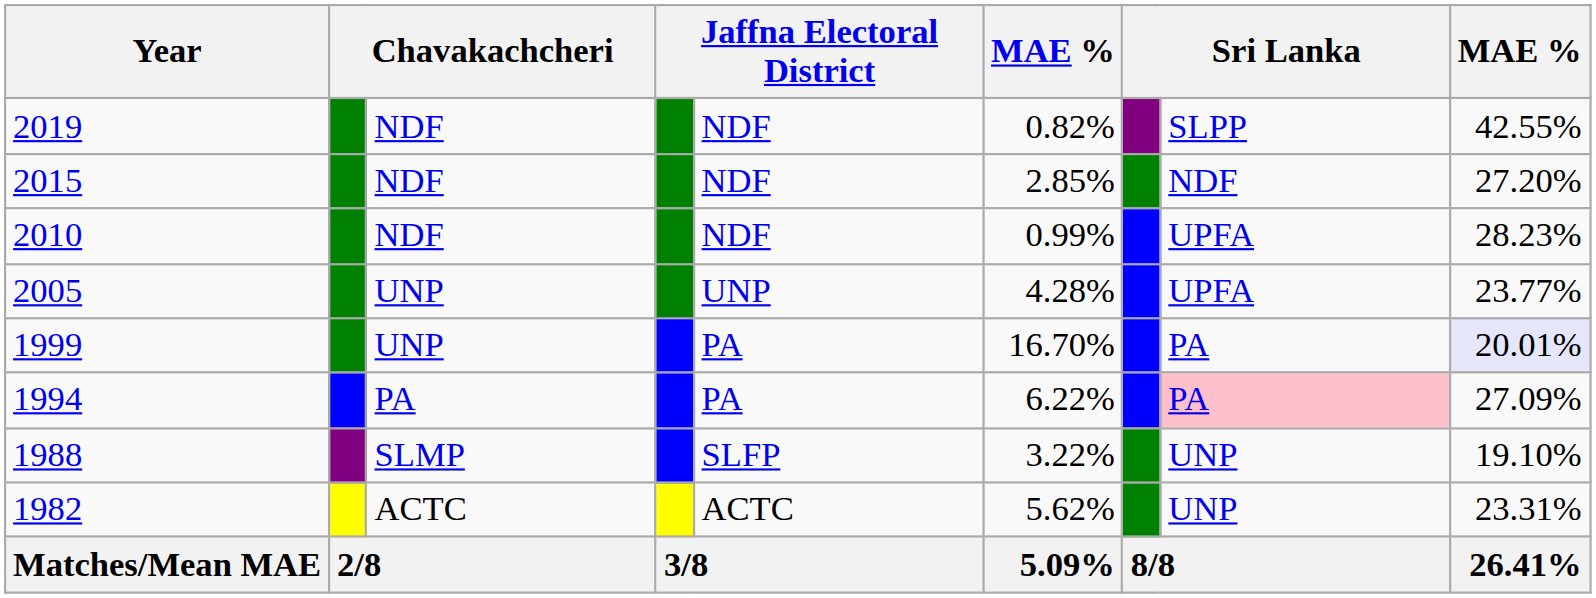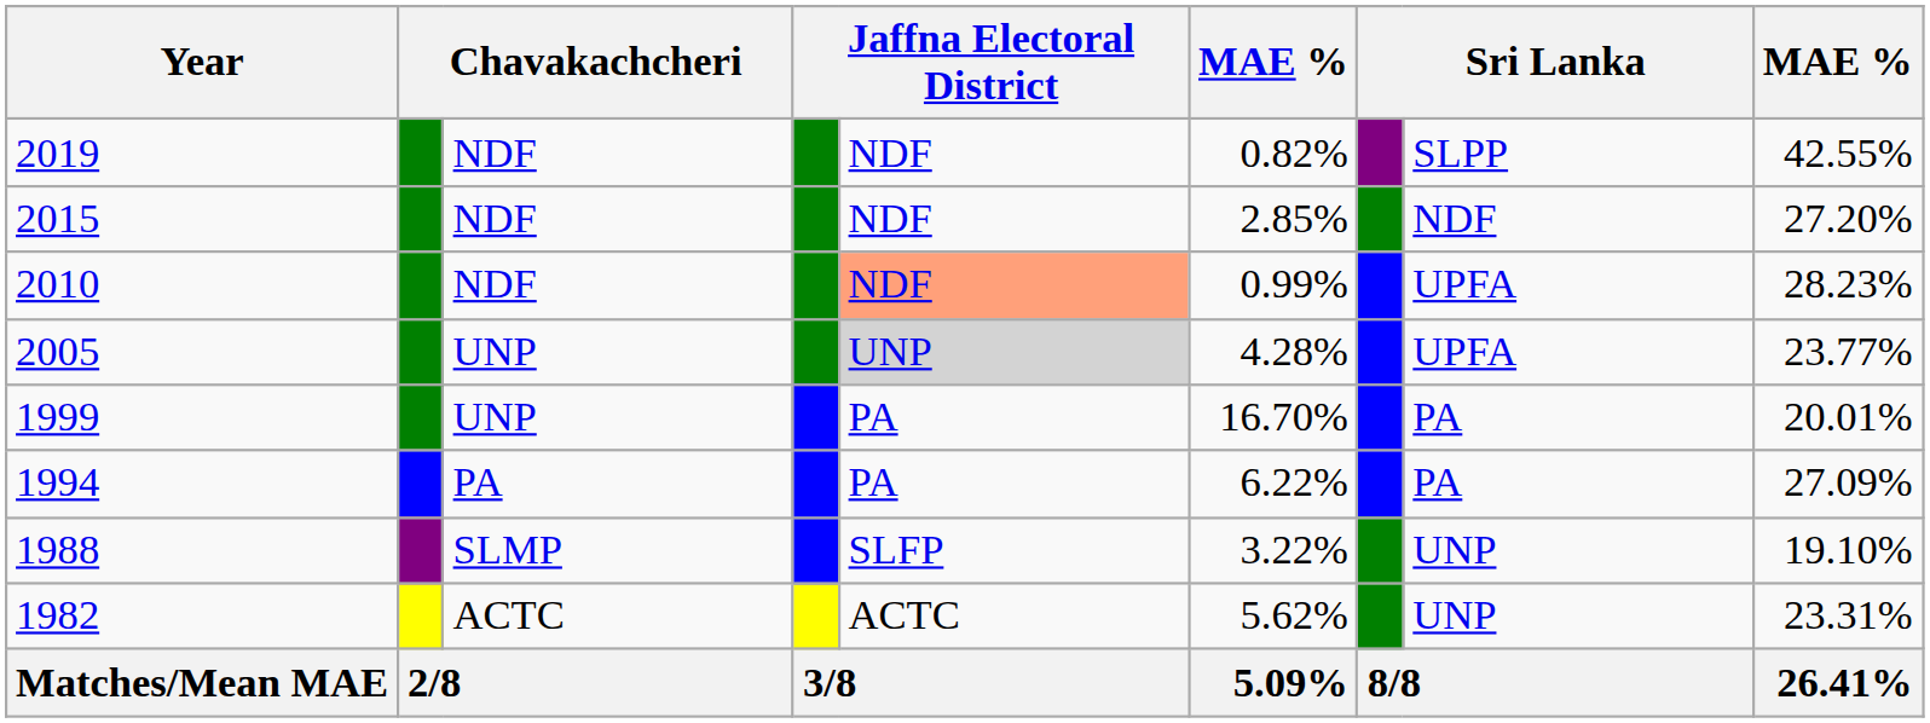 <table class="wikitable">
 <tr>
 <th>Year</th>
 <th colspan="2" width="144px">Chavakachcheri</th>
 <th colspan="2" width="144px"><a href='#'>Jaffna Electoral District</a></th>
 <th><a href='#'>MAE</a> %</th>
 <th colspan="2" width="144px">Sri Lanka</th>
 <th>MAE %</th>
 </tr>
 <tr>
 <td><a href='#'>2019</a></td>
 <td style="background-color:green;" width="10px"></td>
 <td style="text-align:left;"><a href='#'>NDF</a></td>
 <td style="background-color:green;" width="10px"></td>
 <td style="text-align:left;"><a href='#'>NDF</a></td>
 <td style="text-align:right;">0.82%</td>
 <td style="background-color:purple;" width="10px"></td>
 <td style="text-align:left;"><a href='#'>SLPP</a></td>
 <td style="text-align:right;">42.55%</td>
 </tr>
 <tr>
 <td><a href='#'>2015</a></td>
 <td style="background-color:green;" width="10px"></td>
 <td style="text-align:left;"><a href='#'>NDF</a></td>
 <td style="background-color:green;" width="10px"></td>
 <td style="text-align:left;"><a href='#'>NDF</a></td>
 <td style="text-align:right;">2.85%</td>
 <td style="background-color:green;" width="10px"></td>
 <td style="text-align:left;"><a href='#'>NDF</a></td>
 <td style="text-align:right;">27.20%</td>
 </tr>
 <tr>
 <td><a href='#'>2010</a></td>
 <td style="background-color:green;" width="10px"></td>
 <td style="text-align:left;"><a href='#'>NDF</a></td>
 <td style="background-color:green;" width="10px"></td>
-<td style="text-align:left;"><a href='#'>NDF</a></td>
+<td style="background: lightsalmon; text-align:left;"><a href='#'>NDF</a></td>
 <td style="text-align:right;">0.99%</td>
 <td style="background-color:blue;" width="10px"></td>
 <td style="text-align:left;"><a href='#'>UPFA</a></td>
 <td style="text-align:right;">28.23%</td>
 </tr>
 <tr>
 <td><a href='#'>2005</a></td>
 <td style="background-color:green;" width="10px"></td>
 <td style="text-align:left;"><a href='#'>UNP</a></td>
 <td style="background-color:green;" width="10px"></td>
-<td style="text-align:left;"><a href='#'>UNP</a></td>
+<td style="background: lightgrey; text-align:left;"><a href='#'>UNP</a></td>
 <td style="text-align:right;">4.28%</td>
 <td style="background-color:blue;" width="10px"></td>
 <td style="text-align:left;"><a href='#'>UPFA</a></td>
 <td style="text-align:right;">23.77%</td>
 </tr>
 <tr>
 <td><a href='#'>1999</a></td>
 <td style="background-color:green;" width="10px"></td>
 <td style="text-align:left;"><a href='#'>UNP</a></td>
 <td style="background-color:blue;" width="10px"></td>
 <td style="text-align:left;"><a href='#'>PA</a></td>
 <td style="text-align:right;">16.70%</td>
 <td style="background-color:blue;" width="10px"></td>
 <td style="text-align:left;"><a href='#'>PA</a></td>
-<td style="background: lavender; text-align:right;">20.01%</td>
+<td style="text-align:right;">20.01%</td>
 </tr>
 <tr>
 <td><a href='#'>1994</a></td>
 <td style="background-color:blue;" width="10px"></td>
 <td style="text-align:left;"><a href='#'>PA</a></td>
 <td style="background-color:blue;" width="10px"></td>
 <td style="text-align:left;"><a href='#'>PA</a></td>
 <td style="text-align:right;">6.22%</td>
 <td style="background-color:blue;" width="10px"></td>
-<td style="background: pink; text-align:left;"><a href='#'>PA</a></td>
+<td style="text-align:left;"><a href='#'>PA</a></td>
 <td style="text-align:right;">27.09%</td>
 </tr>
 <tr>
 <td><a href='#'>1988</a></td>
 <td style="background-color:purple;" width="10px"></td>
 <td style="text-align:left;"><a href='#'>SLMP</a></td>
 <td style="background-color:blue;" width="10px"></td>
 <td style="text-align:left;"><a href='#'>SLFP</a></td>
 <td style="text-align:right;">3.22%</td>
 <td style="background-color:green;" width="10px"></td>
 <td style="text-align:left;"><a href='#'>UNP</a></td>
 <td style="text-align:right;">19.10%</td>
 </tr>
 <tr>
 <td><a href='#'>1982</a></td>
 <td style="background-color:yellow;" width="10px"></td>
 <td style="text-align:left;">ACTC</td>
 <td style="background-color:yellow;" width="10px"></td>
 <td style="text-align:left;">ACTC</td>
 <td style="text-align:right;">5.62%</td>
 <td style="background-color:green;" width="10px"></td>
 <td style="text-align:left;"><a href='#'>UNP</a></td>
 <td style="text-align:right;">23.31%</td>
 </tr>
 <tr>
 <th>Matches/Mean MAE</th>
 <th style="text-align:left;"colspan="2" width="144px">2/8</th>
 <th style="text-align:left;"colspan="2" width="144px">3/8</th>
 <th style="text-align:right;">5.09%</th>
 <th style="text-align:left;"colspan="2" width="144px">8/8</th>
 <th style="text-align:right;">26.41%</th>
 </tr>
 </table>
